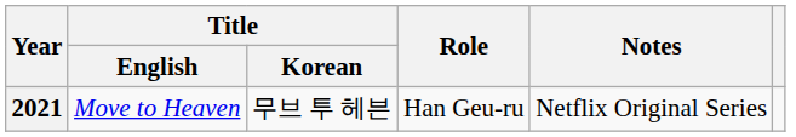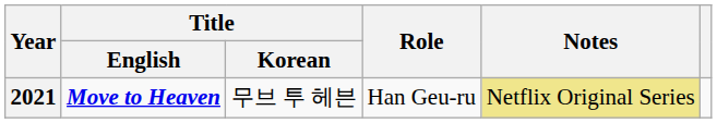 <table class="wikitable sortable plainrowheaders">
 <tr>
 <th rowspan="2" scope="col">Year</th>
 <th colspan="2" scope="col">Title</th>
 <th rowspan="2" scope="col">Role</th>
 <th rowspan="2" scope="col">Notes</th>
 <th rowspan="2" scope="col" class="unsortable"></th>
 </tr>
 <tr>
 <th>English</th>
 <th>Korean</th>
 </tr>
 <tr>
 <th scope="row">2021</th>
-<td><em><a href='#'>Move to Heaven</a></em></td>
+<td><strong><em><a href='#'>Move to Heaven</a></em></strong></td>
 <td>무브 투 헤븐</td>
 <td>Han Geu-ru</td>
-<td>Netflix Original Series</td>
+<td style="background: khaki;">Netflix Original Series</td>
 <td></td>
 </tr>
 </table>
